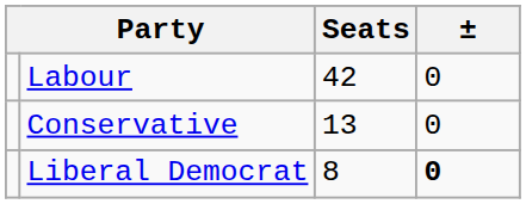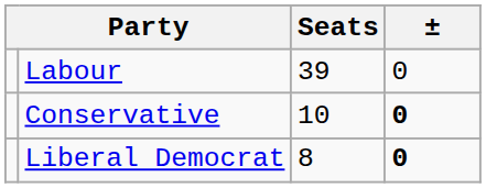 <table class="wikitable">
 <tr>
 <th colspan="2">Party</th>
 <th>Seats</th>
 <th>  ±  </th>
 </tr>
 <tr>
 <td style="background-color: "></td>
 <td><a href='#'>Labour</a></td>
-<td>42</td>
+<td>39</td>
 <td>0</td>
 </tr>
 <tr>
 <td style="background-color: "></td>
 <td><a href='#'>Conservative</a></td>
-<td>13</td>
-<td>0</td>
+<td>10</td>
+<td><strong>0</strong></td>
 </tr>
 <tr>
 <td style="background-color: "></td>
 <td><a href='#'>Liberal Democrat</a></td>
 <td>8</td>
 <td><strong>0</strong></td>
 </tr>
 </table>
